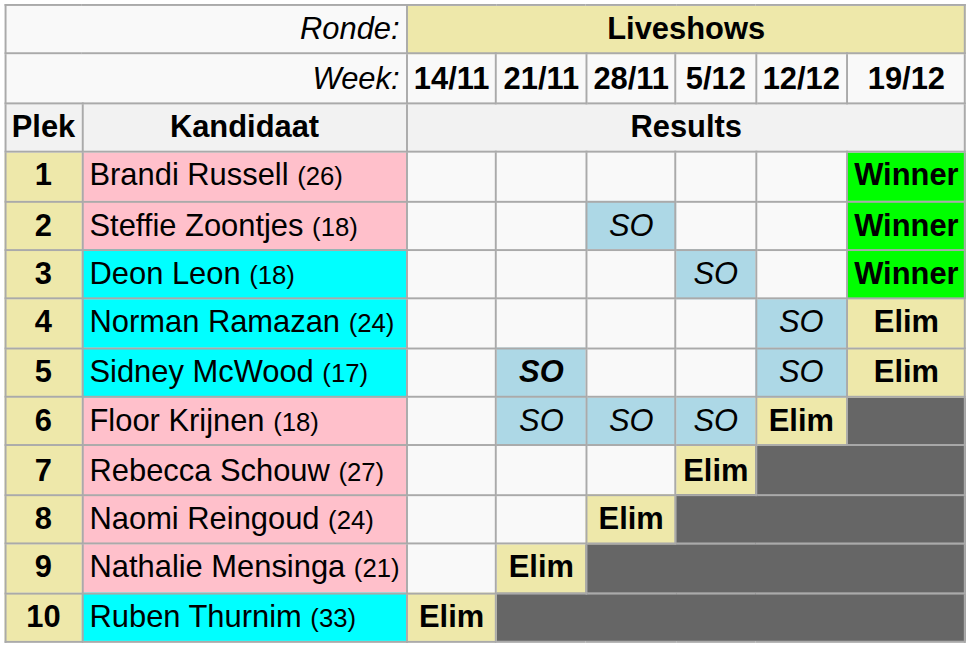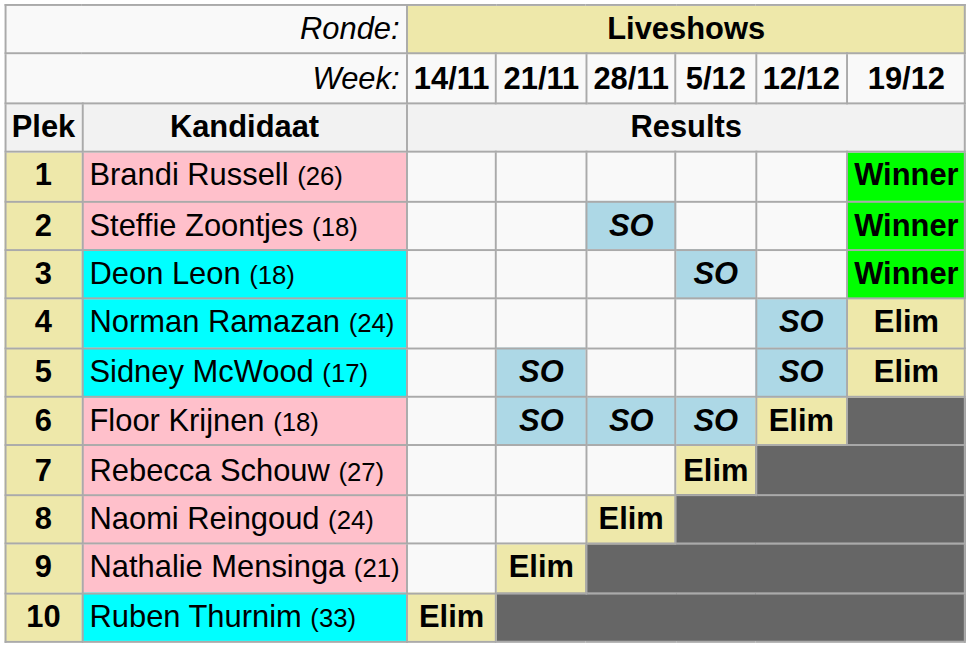 <table class="wikitable" style="margin:1em auto;">
 <tr>
 <td colspan="2" align="right"><em>Ronde:</em></td>
 <td colspan="11" bgcolor="palegoldenrod" align="Center"><strong>Liveshows</strong></td>
 </tr>
 <tr>
 <td colspan="2" align="right"><em>Week:</em></td>
 <td align="center"><strong>14/11</strong></td>
 <td align="center"><strong>21/11</strong></td>
 <td align="center"><strong>28/11</strong></td>
 <td align="center"><strong>5/12</strong></td>
 <td align="center"><strong>12/12</strong></td>
 <td align="center"><strong>19/12</strong></td>
 </tr>
 <tr>
 <th>Plek</th>
 <th>Kandidaat</th>
 <th colspan="14" align="center">Results</th>
 </tr>
 <tr>
 <td align="center" bgcolor="palegoldenrod"><strong>1</strong></td>
 <td bgcolor="pink">Brandi Russell <small>(26)</small></td>
 <td></td>
 <td></td>
 <td></td>
 <td></td>
 <td></td>
 <td bgcolor="lime" align="center"><strong>Winner</strong></td>
 </tr>
 <tr>
 <td align="center" bgcolor="palegoldenrod"><strong>2</strong></td>
 <td bgcolor="pink">Steffie Zoontjes <small>(18)</small></td>
 <td></td>
 <td></td>
-<td bgcolor="Lightblue" align="center"><em>SO</em></td>
+<td bgcolor="Lightblue" align="center"><strong><em>SO</em></strong></td>
 <td></td>
 <td></td>
 <td bgcolor="lime" align="center"><strong>Winner</strong></td>
 </tr>
 <tr>
 <td align="center" bgcolor="palegoldenrod"><strong>3</strong></td>
 <td bgcolor="cyan">Deon Leon <small>(18)</small></td>
 <td></td>
 <td></td>
 <td></td>
-<td bgcolor="Lightblue" align="center"><em>SO</em></td>
+<td bgcolor="Lightblue" align="center"><strong><em>SO</em></strong></td>
 <td></td>
 <td bgcolor="lime" align="center"><strong>Winner</strong></td>
 </tr>
 <tr>
 <td align="center" bgcolor="palegoldenrod"><strong>4</strong></td>
 <td bgcolor="cyan">Norman Ramazan <small>(24)</small></td>
 <td></td>
 <td></td>
 <td></td>
 <td></td>
-<td bgcolor="Lightblue" align="center"><em>SO</em></td>
+<td bgcolor="Lightblue" align="center"><strong><em>SO</em></strong></td>
 <td bgcolor="palegoldenrod" align="center"><strong>Elim</strong></td>
 </tr>
 <tr>
 <td align="center" bgcolor="palegoldenrod"><strong>5</strong></td>
 <td bgcolor="cyan">Sidney McWood <small>(17)</small></td>
 <td></td>
 <td bgcolor="Lightblue" align="center"><strong><em>SO</em></strong></td>
 <td></td>
 <td></td>
-<td bgcolor="Lightblue" align="center"><em>SO</em></td>
+<td bgcolor="Lightblue" align="center"><strong><em>SO</em></strong></td>
 <td bgcolor="palegoldenrod" align="center"><strong>Elim</strong></td>
 </tr>
 <tr>
 <td align="center" bgcolor="palegoldenrod"><strong>6</strong></td>
 <td bgcolor="pink">Floor Krijnen <small>(18)</small></td>
 <td></td>
-<td bgcolor="Lightblue" align="center"><em>SO</em></td>
-<td bgcolor="Lightblue" align="center"><em>SO</em></td>
-<td bgcolor="Lightblue" align="center"><em>SO</em></td>
+<td bgcolor="Lightblue" align="center"><strong><em>SO</em></strong></td>
+<td bgcolor="Lightblue" align="center"><strong><em>SO</em></strong></td>
+<td bgcolor="Lightblue" align="center"><strong><em>SO</em></strong></td>
 <td bgcolor="palegoldenrod" align="center"><strong>Elim</strong></td>
 <td colspan="1" bgcolor="666666"></td>
 </tr>
 <tr>
 <td align="center" bgcolor="palegoldenrod"><strong>7</strong></td>
 <td bgcolor="pink">Rebecca Schouw <small>(27)</small></td>
 <td></td>
 <td></td>
 <td></td>
 <td bgcolor="palegoldenrod" align="center"><strong>Elim</strong></td>
 <td colspan="2" bgcolor="666666"></td>
 </tr>
 <tr>
 <td align="center" bgcolor="palegoldenrod"><strong>8</strong></td>
 <td bgcolor="pink">Naomi Reingoud <small>(24)</small></td>
 <td></td>
 <td></td>
 <td bgcolor="palegoldenrod" align="center"><strong>Elim</strong></td>
 <td colspan="3" bgcolor="666666"></td>
 </tr>
 <tr>
 <td align="center" bgcolor="palegoldenrod"><strong>9</strong></td>
 <td bgcolor="pink">Nathalie Mensinga <small>(21)</small></td>
 <td></td>
 <td bgcolor="palegoldenrod" align="center"><strong>Elim</strong></td>
 <td colspan="4" bgcolor="666666"></td>
 </tr>
 <tr>
 <td align="center" bgcolor="palegoldenrod"><strong>10</strong></td>
 <td bgcolor="cyan">Ruben Thurnim <small>(33)</small></td>
 <td bgcolor="palegoldenrod" align="center"><strong>Elim</strong></td>
 <td colspan="5" bgcolor="666666"></td>
 </tr>
 </table>
